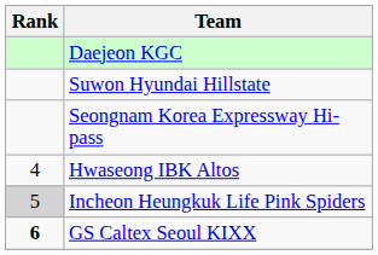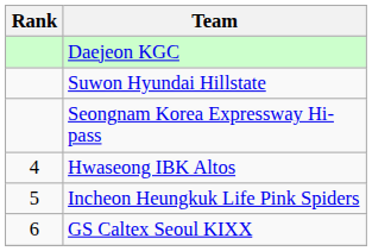 <table class="wikitable" style="text-align: center;">
 <tr>
 <th width=40>Rank</th>
 <th width=240>Team</th>
 </tr>
 <tr bgcolor=#ccffcc>
 <td></td>
 <td align=left><a href='#'>Daejeon KGC</a></td>
 </tr>
 <tr>
 <td></td>
 <td align=left><a href='#'>Suwon Hyundai Hillstate</a></td>
 </tr>
 <tr>
 <td></td>
 <td align=left><a href='#'>Seongnam Korea Expressway Hi-pass</a></td>
 </tr>
 <tr>
 <td>4</td>
 <td align=left><a href='#'>Hwaseong IBK Altos</a></td>
 </tr>
 <tr>
-<td style="background: lightgrey;">5</td>
+<td>5</td>
 <td align=left><a href='#'>Incheon Heungkuk Life Pink Spiders</a></td>
 </tr>
 <tr>
-<td><strong>6</strong></td>
+<td>6</td>
 <td align=left><a href='#'>GS Caltex Seoul KIXX</a></td>
 </tr>
 <tr>
 </tr>
 </table>
